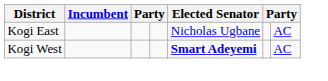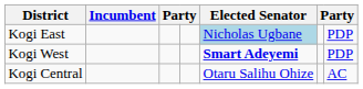 <table class="sortable wikitable" style="font-size:95%;line-height:14px;">
 <tr>
 <th class="unsortable">District</th>
 <th class="unsortable"><a href='#'>Incumbent</a></th>
 <th colspan="2">Party</th>
 <th class="unsortable">Elected Senator</th>
 <th colspan="2">Party</th>
 </tr>
 <tr>
 <td>Kogi East</td>
 <td></td>
 <td></td>
 <td></td>
-<td><a href='#'>Nicholas Ugbane</a></td>
+<td style="background: lightblue;"><a href='#'>Nicholas Ugbane</a></td>
 <td style="background:"></td>
-<td><a href='#'>AC</a></td>
+<td><a href='#'>PDP</a></td>
 </tr>
 <tr>
 <td>Kogi West</td>
 <td></td>
 <td></td>
 <td></td>
 <td><strong><a href='#'>Smart Adeyemi</a></strong></td>
 <td style="background:"></td>
+<td><a href='#'>PDP</a></td>
+</tr>
+<tr>
+<td>Kogi Central</td>
+<td></td>
+<td></td>
+<td></td>
+<td><a href='#'>Otaru Salihu Ohize</a></td>
+<td style="background:"></td>
 <td><a href='#'>AC</a></td>
 </tr>
 </table>
